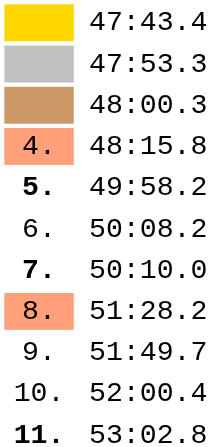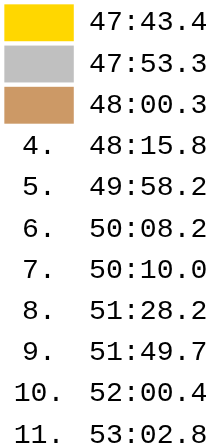 <table style="text-align:center">
 <tr>
 <td width=30 bgcolor=gold></td>
 <td align=left></td>
 <td>47:43.4</td>
 </tr>
 <tr>
 <td bgcolor=silver></td>
 <td align=left></td>
 <td>47:53.3</td>
 </tr>
 <tr>
 <td bgcolor=cc9966></td>
 <td align=left></td>
 <td>48:00.3</td>
 </tr>
 <tr>
-<td style="background: lightsalmon;">4.</td>
+<td>4.</td>
 <td align=left></td>
 <td>48:15.8</td>
 </tr>
 <tr>
-<td><strong>5.</strong></td>
+<td>5.</td>
 <td align=left></td>
 <td>49:58.2</td>
 </tr>
 <tr>
 <td>6.</td>
 <td align=left></td>
 <td>50:08.2</td>
 </tr>
 <tr>
-<td><strong>7.</strong></td>
+<td>7.</td>
 <td align=left></td>
 <td>50:10.0</td>
 </tr>
 <tr>
-<td style="background: lightsalmon;">8.</td>
+<td>8.</td>
 <td align=left></td>
 <td>51:28.2</td>
 </tr>
 <tr>
 <td>9.</td>
 <td align=left></td>
 <td>51:49.7</td>
 </tr>
 <tr>
 <td>10.</td>
 <td align=left></td>
 <td>52:00.4</td>
 </tr>
 <tr>
-<td><strong>11.</strong></td>
+<td>11.</td>
 <td align=left></td>
 <td>53:02.8</td>
 </tr>
 </table>
